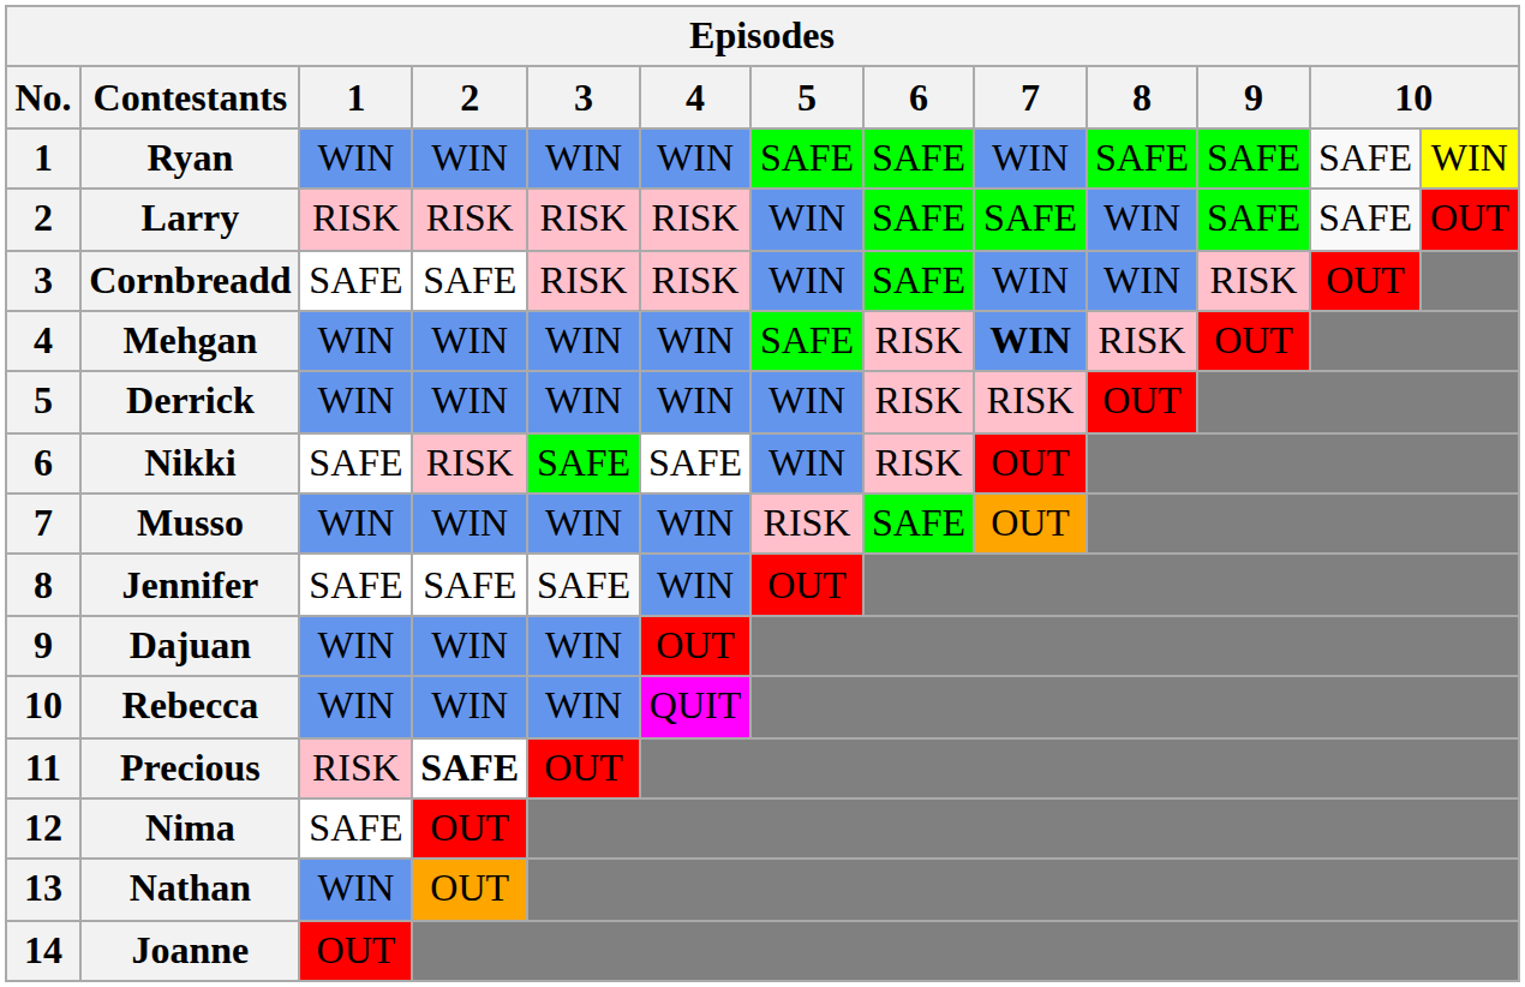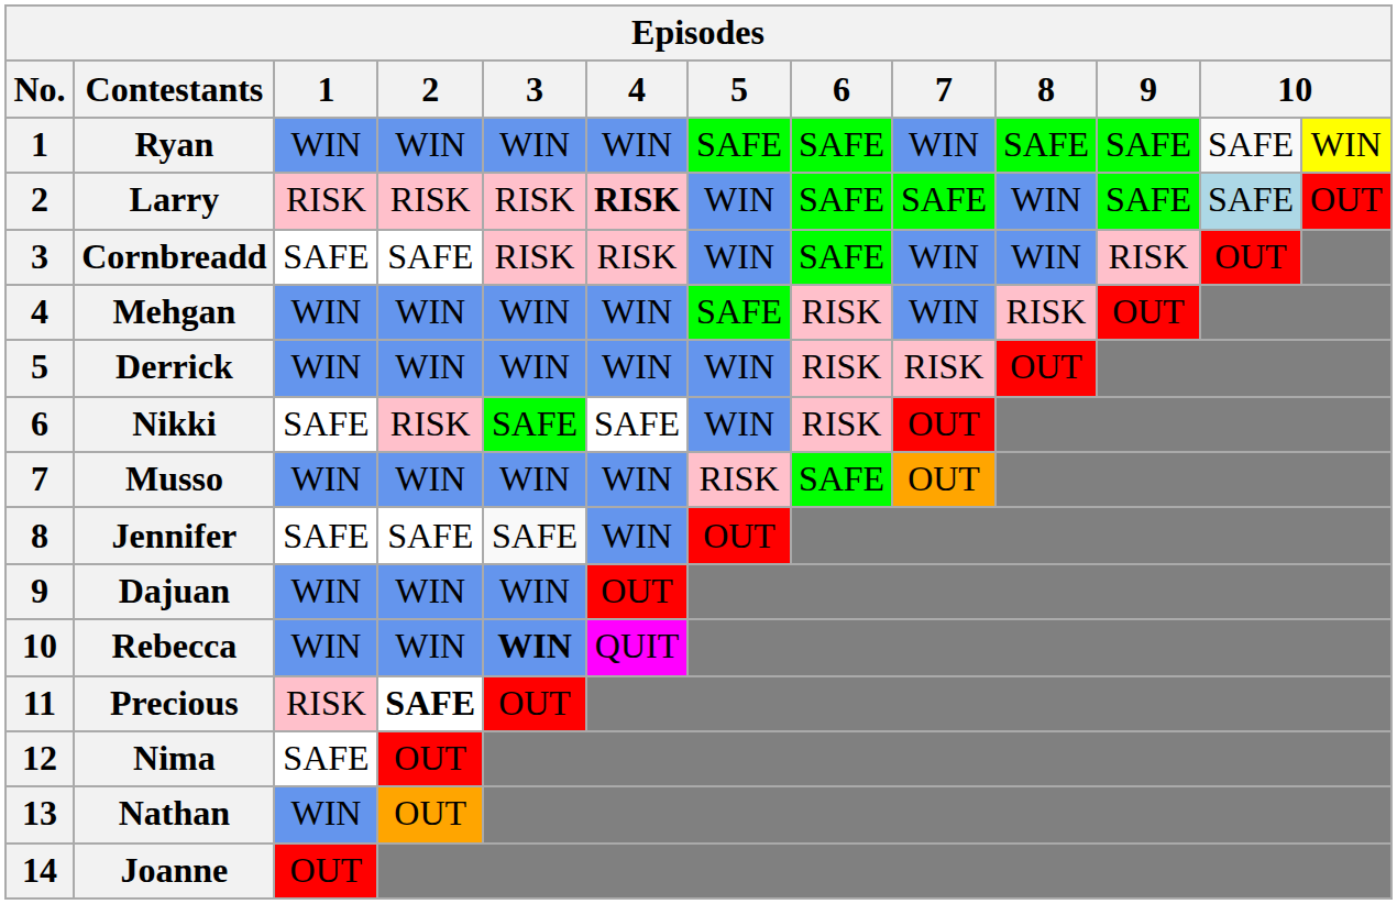 <table class="wikitable" style="text-align:center">
 <tr>
 <th colspan=13>Episodes</th>
 </tr>
 <tr>
 <th>No.</th>
 <th>Contestants</th>
 <th>1</th>
 <th>2</th>
 <th>3</th>
 <th>4</th>
 <th>5</th>
 <th>6</th>
 <th>7</th>
 <th>8</th>
 <th>9</th>
 <th colspan=2>10</th>
 </tr>
 <tr>
 </tr>
 <tr>
 <th>1</th>
 <th>Ryan</th>
 <td style="background:cornflowerblue;">WIN</td>
 <td style="background:cornflowerblue;">WIN</td>
 <td style="background:cornflowerblue;">WIN</td>
 <td style="background:cornflowerblue;">WIN</td>
 <td style="background:lime;">SAFE</td>
 <td style="background:lime;">SAFE</td>
 <td style="background:cornflowerblue;">WIN</td>
 <td style="background:lime;">SAFE</td>
 <td style="background:lime;">SAFE</td>
 <td>SAFE</td>
 <td style="background:yellow;">WIN</td>
 </tr>
 <tr>
 <th>2</th>
 <th>Larry</th>
 <td style="background:pink;">RISK</td>
 <td style="background:pink;">RISK</td>
 <td style="background:pink;">RISK</td>
-<td style="background:pink;">RISK</td>
+<td style="background:pink;"><strong>RISK</strong></td>
 <td style="background:cornflowerblue;">WIN</td>
 <td style="background:lime;">SAFE</td>
 <td style="background:lime;">SAFE</td>
 <td style="background:cornflowerblue;">WIN</td>
 <td style="background:lime;">SAFE</td>
-<td>SAFE</td>
+<td style="background: lightblue;">SAFE</td>
 <td style="background:red;">OUT</td>
 </tr>
 <tr>
 <th>3</th>
 <th>Cornbreadd</th>
 <td style="background-color:white;">SAFE</td>
 <td style="background-color:white;">SAFE</td>
 <td style="background:pink;">RISK</td>
 <td style="background:pink;">RISK</td>
 <td style="background:cornflowerblue;">WIN</td>
 <td style="background:lime;">SAFE</td>
 <td style="background:cornflowerblue;">WIN</td>
 <td style="background:cornflowerblue;">WIN</td>
 <td style="background:pink;">RISK</td>
 <td style="background:red;">OUT</td>
 <td style="background:gray;" colspan=1></td>
 </tr>
 <tr>
 <th>4</th>
 <th>Mehgan</th>
 <td style="background:cornflowerblue;">WIN</td>
 <td style="background:cornflowerblue;">WIN</td>
 <td style="background:cornflowerblue;">WIN</td>
 <td style="background:cornflowerblue;">WIN</td>
 <td style="background:lime;">SAFE</td>
 <td style="background:pink;">RISK</td>
-<td style="background:cornflowerblue;"><strong>WIN</strong></td>
+<td style="background:cornflowerblue;">WIN</td>
 <td style="background:pink;">RISK</td>
 <td style="background:red;">OUT</td>
 <td style="background:gray;" colspan=2></td>
 </tr>
 <tr>
 <th>5</th>
 <th>Derrick</th>
 <td style="background:cornflowerblue;">WIN</td>
 <td style="background:cornflowerblue;">WIN</td>
 <td style="background:cornflowerblue;">WIN</td>
 <td style="background:cornflowerblue;">WIN</td>
 <td style="background:cornflowerblue;">WIN</td>
 <td style="background:pink;">RISK</td>
 <td style="background:pink;">RISK</td>
 <td style="background:red;">OUT</td>
 <td style="background:gray;" colspan=3></td>
 </tr>
 <tr>
 <th>6</th>
 <th>Nikki</th>
 <td style="background-color:white;">SAFE</td>
 <td style="background:pink;">RISK</td>
 <td style="background:lime;">SAFE</td>
 <td style="background:white;">SAFE</td>
 <td style="background:cornflowerblue;">WIN</td>
 <td style="background:pink;">RISK</td>
 <td style="background:red;">OUT</td>
 <td style="background:gray;" colspan=20></td>
 </tr>
 <tr>
 <th>7</th>
 <th>Musso</th>
 <td style="background:cornflowerblue;">WIN</td>
 <td style="background:cornflowerblue;">WIN</td>
 <td style="background:cornflowerblue;">WIN</td>
 <td style="background:cornflowerblue;">WIN</td>
 <td style="background:pink;">RISK</td>
 <td style="background:lime;">SAFE</td>
 <td style="background:orange;">OUT</td>
 <td style="background:gray;" colspan=20></td>
 </tr>
 <tr>
 <th>8</th>
 <th>Jennifer</th>
 <td style="background-color:white;">SAFE</td>
 <td style="background-color:white;">SAFE</td>
 <td>SAFE</td>
 <td style="background:cornflowerblue;">WIN</td>
 <td style="background:red;">OUT</td>
 <td style="background:gray;" colspan=20></td>
 </tr>
 <tr>
 <th>9</th>
 <th>Dajuan</th>
 <td style="background:cornflowerblue;">WIN</td>
 <td style="background:cornflowerblue;">WIN</td>
 <td style="background:cornflowerblue;">WIN</td>
 <td style="background:red;">OUT</td>
 <td style="background:gray;" colspan=20></td>
 </tr>
 <tr>
 <th>10</th>
 <th>Rebecca</th>
 <td style="background:cornflowerblue;">WIN</td>
 <td style="background:cornflowerblue;">WIN</td>
-<td style="background:cornflowerblue;">WIN</td>
+<td style="background:cornflowerblue;"><strong>WIN</strong></td>
 <td style="background:magenta;">QUIT</td>
 <td style="background:gray;" colspan=20></td>
 </tr>
 <tr>
 <th>11</th>
 <th>Precious</th>
 <td style="background:pink;">RISK</td>
 <td style="background-color:white;"><strong>SAFE</strong></td>
 <td style="background:red;">OUT</td>
 <td style="background:gray;" colspan=20></td>
 </tr>
 <tr>
 <th>12</th>
 <th>Nima</th>
 <td style="background-color:white;">SAFE</td>
 <td style="background:red;">OUT</td>
 <td style="background:gray;" colspan=20></td>
 </tr>
 <tr>
 <th>13</th>
 <th>Nathan</th>
 <td style="background:cornflowerblue;">WIN</td>
 <td style="background:orange;">OUT</td>
 <td style="background:gray;" colspan=20></td>
 </tr>
 <tr>
 <th>14</th>
 <th>Joanne</th>
 <td style="background:red;">OUT</td>
 <td style="background:gray;" colspan=20></td>
 </tr>
 <tr>
 </tr>
 </table>
